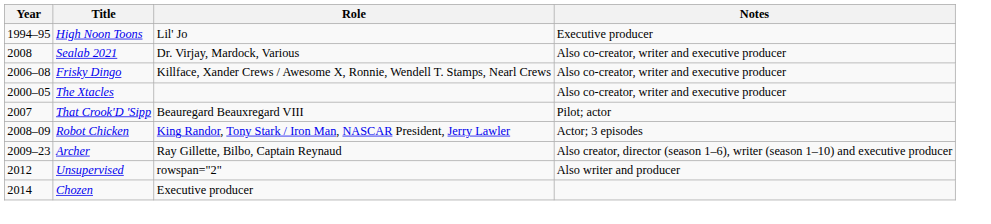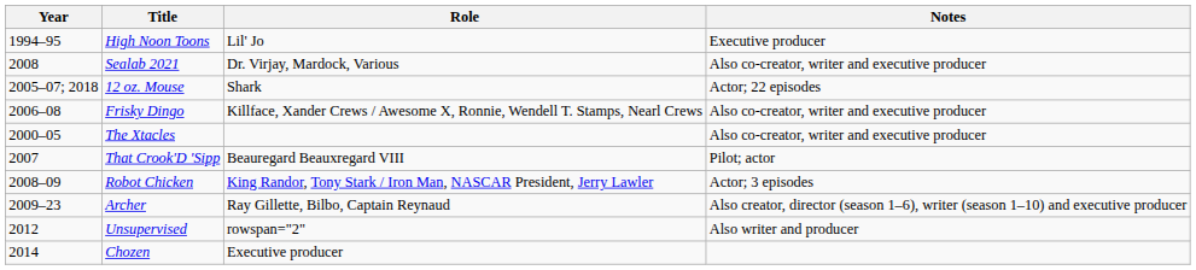 <table class="wikitable sortable">
 <tr>
 <th>Year</th>
 <th>Title</th>
 <th>Role</th>
 <th class="unsortable">Notes</th>
 </tr>
 <tr>
 <td>1994–95</td>
 <td><em><a href='#'>High Noon Toons</a></em></td>
 <td>Lil' Jo</td>
 <td>Executive producer</td>
 </tr>
 <tr>
 <td>2008</td>
 <td><em><a href='#'>Sealab 2021</a></em></td>
 <td>Dr. Virjay, Mardock, Various</td>
 <td>Also co-creator, writer and executive producer</td>
+</tr>
+<tr>
+<td>2005–07; 2018</td>
+<td><em><a href='#'>12 oz. Mouse</a></em></td>
+<td>Shark</td>
+<td>Actor; 22 episodes</td>
 </tr>
 <tr>
 <td>2006–08</td>
 <td><em><a href='#'>Frisky Dingo</a></em></td>
 <td>Killface, Xander Crews / Awesome X, Ronnie, Wendell T. Stamps, Nearl Crews</td>
 <td>Also co-creator, writer and executive producer</td>
 </tr>
 <tr>
 <td>2000–05</td>
 <td><em><a href='#'>The Xtacles</a></em></td>
 <td></td>
 <td>Also co-creator, writer and executive producer</td>
 </tr>
 <tr>
 <td>2007</td>
 <td><em><a href='#'>That Crook'D 'Sipp</a></em></td>
 <td>Beauregard Beauxregard VIII</td>
 <td>Pilot; actor</td>
 </tr>
 <tr>
 <td>2008–09</td>
 <td><em><a href='#'>Robot Chicken</a></em></td>
 <td><a href='#'>King Randor</a>, <a href='#'>Tony Stark / Iron Man</a>, <a href='#'>NASCAR</a> President, <a href='#'>Jerry Lawler</a></td>
 <td>Actor; 3 episodes</td>
 </tr>
 <tr>
 <td>2009–23</td>
 <td><em><a href='#'>Archer</a></em></td>
 <td>Ray Gillette, Bilbo, Captain Reynaud</td>
 <td>Also creator, director (season 1–6), writer (season 1–10) and executive producer</td>
 </tr>
 <tr>
 <td>2012</td>
 <td><em><a href='#'>Unsupervised</a></em></td>
 <td>rowspan="2" </td>
 <td>Also writer and producer</td>
 </tr>
 <tr>
 <td>2014</td>
 <td><em><a href='#'>Chozen</a></em></td>
 <td>Executive producer</td>
 </tr>
 </table>
